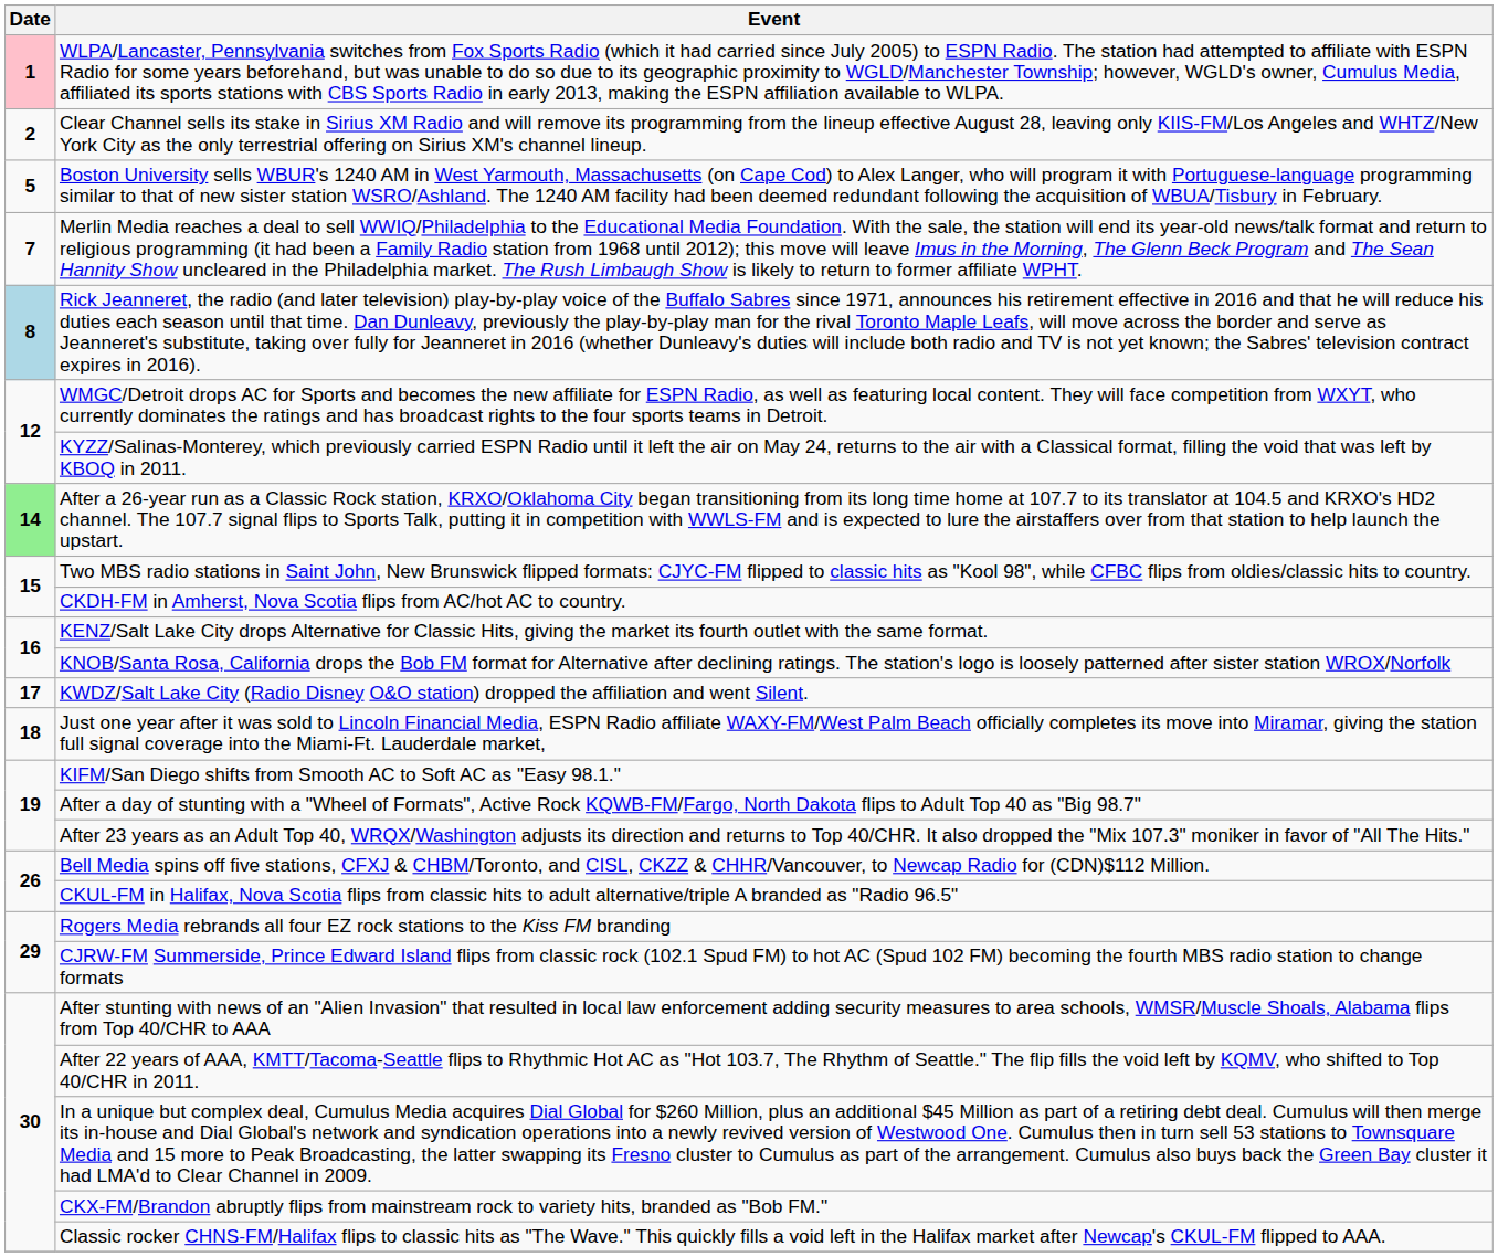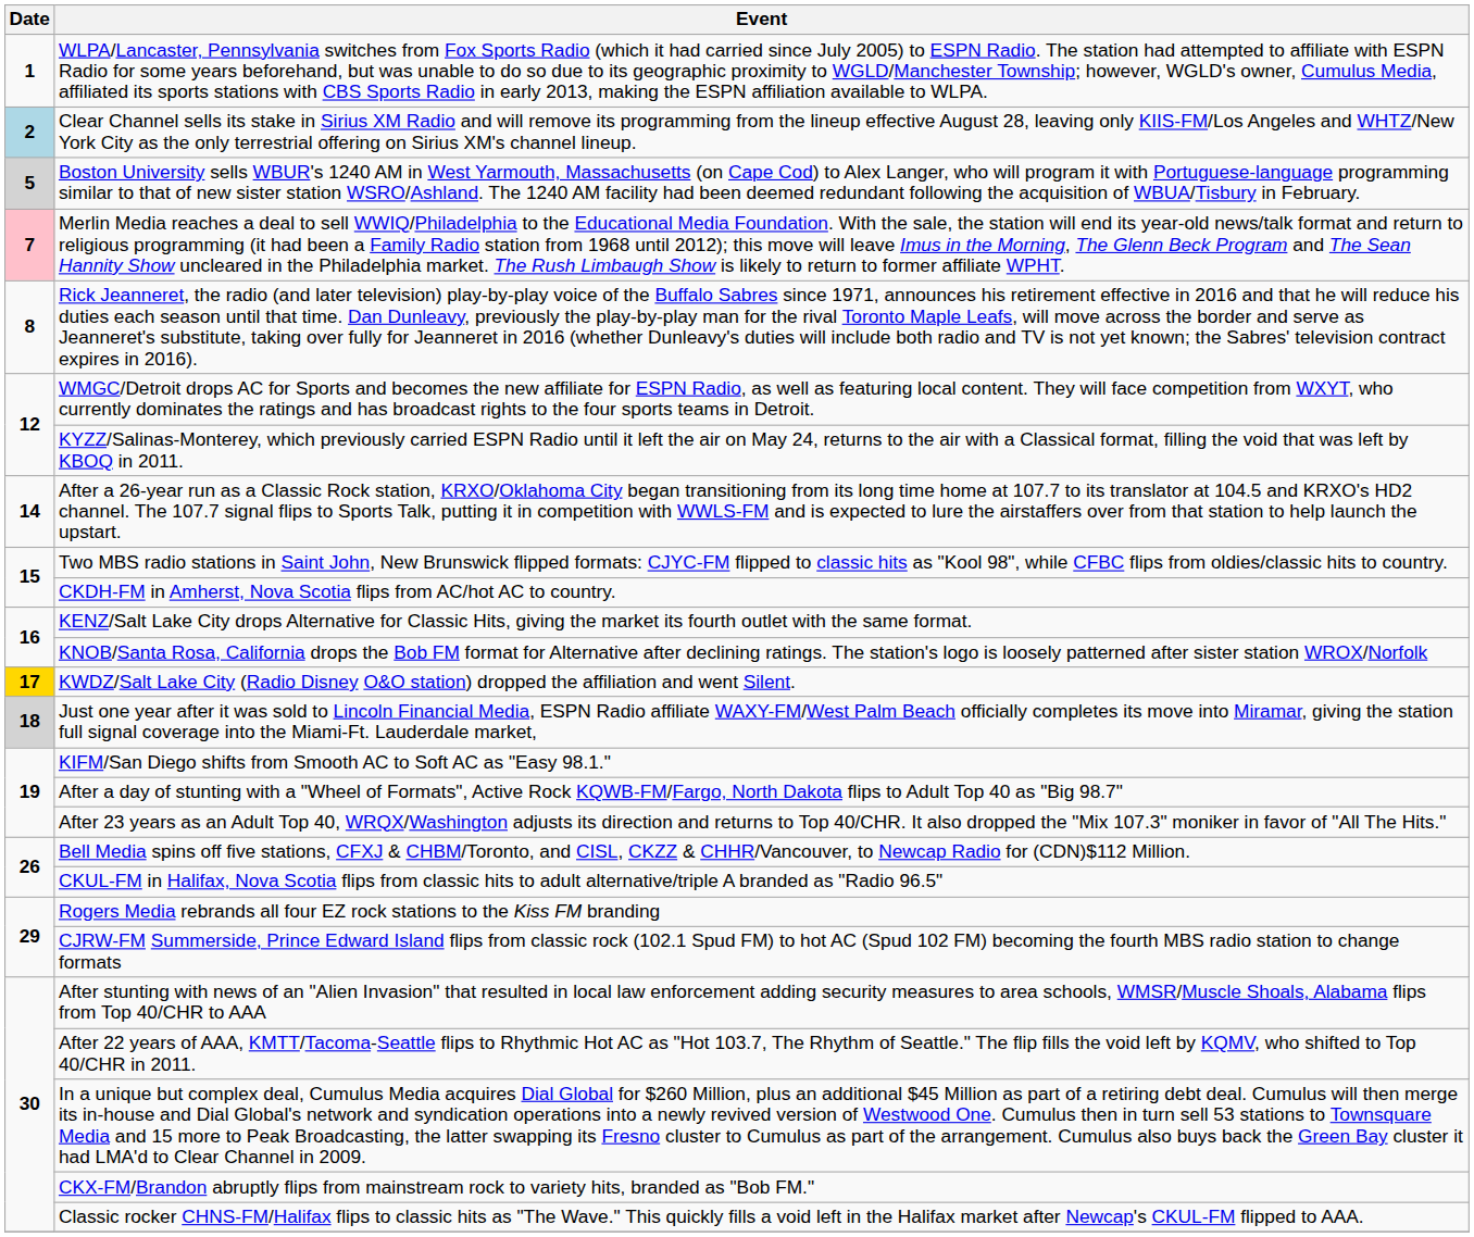 <table class="wikitable">
 <tr>
 <th>Date</th>
 <th>Event</th>
 </tr>
 <tr>
-<td style="background: pink; text-align:center;"><strong>1</strong></td>
+<td style="text-align:center;"><strong>1</strong></td>
 <td><a href='#'>WLPA</a>/<a href='#'>Lancaster, Pennsylvania</a> switches from <a href='#'>Fox Sports Radio</a> (which it had carried since July 2005) to <a href='#'>ESPN Radio</a>. The station had attempted to affiliate with ESPN Radio for some years beforehand, but was unable to do so due to its geographic proximity to <a href='#'>WGLD</a>/<a href='#'>Manchester Township</a>; however, WGLD's owner, <a href='#'>Cumulus Media</a>, affiliated its sports stations with <a href='#'>CBS Sports Radio</a> in early 2013, making the ESPN affiliation available to WLPA.</td>
 </tr>
 <tr>
-<td style="text-align:center;"><strong>2</strong></td>
+<td style="background: lightblue; text-align:center;"><strong>2</strong></td>
 <td>Clear Channel sells its stake in <a href='#'>Sirius XM Radio</a> and will remove its programming from the lineup effective August 28, leaving only <a href='#'>KIIS-FM</a>/Los Angeles and <a href='#'>WHTZ</a>/New York City as the only terrestrial offering on Sirius XM's channel lineup.</td>
 </tr>
 <tr>
-<td style="text-align:center;"><strong>5</strong></td>
+<td style="background: lightgrey; text-align:center;"><strong>5</strong></td>
 <td><a href='#'>Boston University</a> sells <a href='#'>WBUR</a>'s 1240 AM in <a href='#'>West Yarmouth, Massachusetts</a> (on <a href='#'>Cape Cod</a>) to Alex Langer, who will program it with <a href='#'>Portuguese-language</a> programming similar to that of new sister station <a href='#'>WSRO</a>/<a href='#'>Ashland</a>. The 1240 AM facility had been deemed redundant following the acquisition of <a href='#'>WBUA</a>/<a href='#'>Tisbury</a> in February.</td>
 </tr>
 <tr>
-<td style="text-align:center;"><strong>7</strong></td>
+<td style="background: pink; text-align:center;"><strong>7</strong></td>
 <td>Merlin Media reaches a deal to sell <a href='#'>WWIQ</a>/<a href='#'>Philadelphia</a> to the <a href='#'>Educational Media Foundation</a>. With the sale, the station will end its year-old news/talk format and return to religious programming (it had been a <a href='#'>Family Radio</a> station from 1968 until 2012); this move will leave <em><a href='#'>Imus in the Morning</a></em>, <em><a href='#'>The Glenn Beck Program</a></em> and <em><a href='#'>The Sean Hannity Show</a></em> uncleared in the Philadelphia market. <em><a href='#'>The Rush Limbaugh Show</a></em> is likely to return to former affiliate <a href='#'>WPHT</a>.</td>
 </tr>
 <tr>
-<td style="background: lightblue; text-align:center;"><strong>8</strong></td>
+<td style="text-align:center;"><strong>8</strong></td>
 <td><a href='#'>Rick Jeanneret</a>, the radio (and later television) play-by-play voice of the <a href='#'>Buffalo Sabres</a> since 1971, announces his retirement effective in 2016 and that he will reduce his duties each season until that time. <a href='#'>Dan Dunleavy</a>, previously the play-by-play man for the rival <a href='#'>Toronto Maple Leafs</a>, will move across the border and serve as Jeanneret's substitute, taking over fully for Jeanneret in 2016 (whether Dunleavy's duties will include both radio and TV is not yet known; the Sabres' television contract expires in 2016).</td>
 </tr>
 <tr>
 <td style="text-align:center;" rowspan=2><strong>12</strong></td>
 <td><a href='#'>WMGC</a>/Detroit drops AC for Sports and becomes the new affiliate for <a href='#'>ESPN Radio</a>, as well as featuring local content. They will face competition from <a href='#'>WXYT</a>, who currently dominates the ratings and has broadcast rights to the four sports teams in Detroit.</td>
 </tr>
 <tr>
 <td><a href='#'>KYZZ</a>/Salinas-Monterey, which previously carried ESPN Radio until it left the air on May 24, returns to the air with a Classical format, filling the void that was left by <a href='#'>KBOQ</a> in 2011.</td>
 </tr>
 <tr>
-<td style="background: lightgreen; text-align:center;"><strong>14</strong></td>
+<td style="text-align:center;"><strong>14</strong></td>
 <td>After a 26-year run as a Classic Rock station, <a href='#'>KRXO</a>/<a href='#'>Oklahoma City</a> began transitioning from its long time home at 107.7 to its translator at 104.5 and KRXO's HD2 channel. The 107.7 signal flips to Sports Talk, putting it in competition with <a href='#'>WWLS-FM</a> and is expected to lure the airstaffers over from that station to help launch the upstart.</td>
 </tr>
 <tr>
 <td style="text-align:center;" rowspan=2><strong>15</strong></td>
 <td>Two MBS radio stations in <a href='#'>Saint John</a>, New Brunswick flipped formats: <a href='#'>CJYC-FM</a> flipped to <a href='#'>classic hits</a> as "Kool 98", while <a href='#'>CFBC</a> flips from oldies/classic hits to country.</td>
 </tr>
 <tr>
 <td><a href='#'>CKDH-FM</a> in <a href='#'>Amherst, Nova Scotia</a> flips from AC/hot AC to country.</td>
 </tr>
 <tr>
 <td style="text-align:center;" rowspan=2><strong>16</strong></td>
 <td><a href='#'>KENZ</a>/Salt Lake City drops Alternative for Classic Hits, giving the market its fourth outlet with the same format.</td>
 </tr>
 <tr>
 <td><a href='#'>KNOB</a>/<a href='#'>Santa Rosa, California</a> drops the <a href='#'>Bob FM</a> format for Alternative after declining ratings. The station's logo is loosely patterned after sister station <a href='#'>WROX</a>/<a href='#'>Norfolk</a></td>
 </tr>
 <tr>
-<td style="text-align:center;"><strong>17</strong></td>
+<td style="background: gold; text-align:center;"><strong>17</strong></td>
 <td><a href='#'>KWDZ</a>/<a href='#'>Salt Lake City</a> (<a href='#'>Radio Disney</a> <a href='#'>O&O station</a>) dropped the affiliation and went <a href='#'>Silent</a>.</td>
 </tr>
 <tr>
-<td style="text-align:center;"><strong>18</strong></td>
+<td style="background: lightgrey; text-align:center;"><strong>18</strong></td>
 <td>Just one year after it was sold to <a href='#'>Lincoln Financial Media</a>, ESPN Radio affiliate <a href='#'>WAXY-FM</a>/<a href='#'>West Palm Beach</a> officially completes its move into <a href='#'>Miramar</a>, giving the station full signal coverage into the Miami-Ft. Lauderdale market,</td>
 </tr>
 <tr>
 <td style="text-align:center;" rowspan=3><strong>19</strong></td>
 <td><a href='#'>KIFM</a>/San Diego shifts from Smooth AC to Soft AC as "Easy 98.1."</td>
 </tr>
 <tr>
 <td>After a day of stunting with a "Wheel of Formats", Active Rock <a href='#'>KQWB-FM</a>/<a href='#'>Fargo, North Dakota</a> flips to Adult Top 40 as "Big 98.7"</td>
 </tr>
 <tr>
 <td>After 23 years as an Adult Top 40, <a href='#'>WRQX</a>/<a href='#'>Washington</a> adjusts its direction and returns to Top 40/CHR. It also dropped the "Mix 107.3" moniker in favor of "All The Hits."</td>
 </tr>
 <tr>
 <td style="text-align:center;" rowspan=2><strong>26</strong></td>
 <td><a href='#'>Bell Media</a> spins off five stations, <a href='#'>CFXJ</a> & <a href='#'>CHBM</a>/Toronto, and <a href='#'>CISL</a>, <a href='#'>CKZZ</a> & <a href='#'>CHHR</a>/Vancouver, to <a href='#'>Newcap Radio</a> for (CDN)$112 Million.</td>
 </tr>
 <tr>
 <td><a href='#'>CKUL-FM</a> in <a href='#'>Halifax, Nova Scotia</a> flips from classic hits to adult alternative/triple A branded as "Radio 96.5"</td>
 </tr>
 <tr>
 <td style="text-align:center;" rowspan=2><strong>29</strong></td>
 <td><a href='#'>Rogers Media</a> rebrands all four EZ rock stations to the <em>Kiss FM</em> branding</td>
 </tr>
 <tr>
 <td><a href='#'>CJRW-FM</a> <a href='#'>Summerside, Prince Edward Island</a> flips from classic rock (102.1 Spud FM) to hot AC (Spud 102 FM) becoming the fourth MBS radio station to change formats</td>
 </tr>
 <tr>
 <td style="text-align:center;" rowspan=5><strong>30</strong></td>
 <td>After stunting with news of an "Alien Invasion" that resulted in local law enforcement adding security measures to area schools, <a href='#'>WMSR</a>/<a href='#'>Muscle Shoals, Alabama</a> flips from Top 40/CHR to AAA</td>
 </tr>
 <tr>
 <td>After 22 years of AAA, <a href='#'>KMTT</a>/<a href='#'>Tacoma</a>-<a href='#'>Seattle</a> flips to Rhythmic Hot AC as "Hot 103.7, The Rhythm of Seattle." The flip fills the void left by <a href='#'>KQMV</a>, who shifted to Top 40/CHR in 2011.</td>
 </tr>
 <tr>
 <td>In a unique but complex deal, Cumulus Media acquires <a href='#'>Dial Global</a> for $260 Million, plus an additional $45 Million as part of a retiring debt deal. Cumulus will then merge its in-house and Dial Global's network and syndication operations into a newly revived version of <a href='#'>Westwood One</a>. Cumulus then in turn sell 53 stations to <a href='#'>Townsquare Media</a> and 15 more to Peak Broadcasting, the latter swapping its <a href='#'>Fresno</a> cluster to Cumulus as part of the arrangement. Cumulus also buys back the <a href='#'>Green Bay</a> cluster it had LMA'd to Clear Channel in 2009.</td>
 </tr>
 <tr>
 <td><a href='#'>CKX-FM</a>/<a href='#'>Brandon</a> abruptly flips from mainstream rock to variety hits, branded as "Bob FM."</td>
 </tr>
 <tr>
 <td>Classic rocker <a href='#'>CHNS-FM</a>/<a href='#'>Halifax</a> flips to classic hits as "The Wave." This quickly fills a void left in the Halifax market after <a href='#'>Newcap</a>'s <a href='#'>CKUL-FM</a> flipped to AAA.</td>
 </tr>
 <tr>
 </tr>
 </table>
